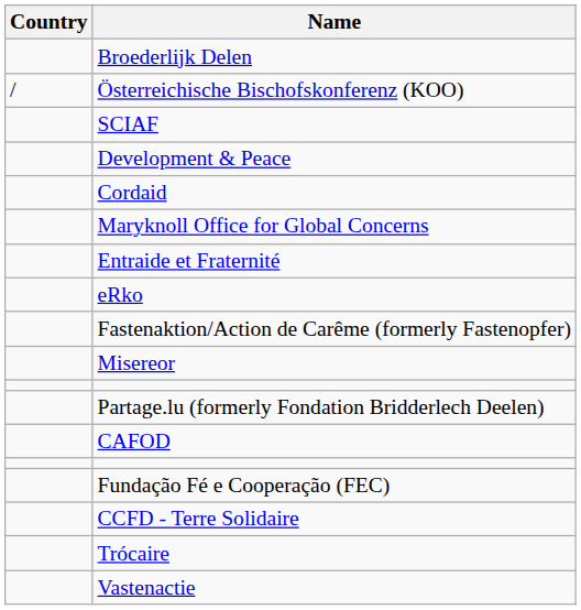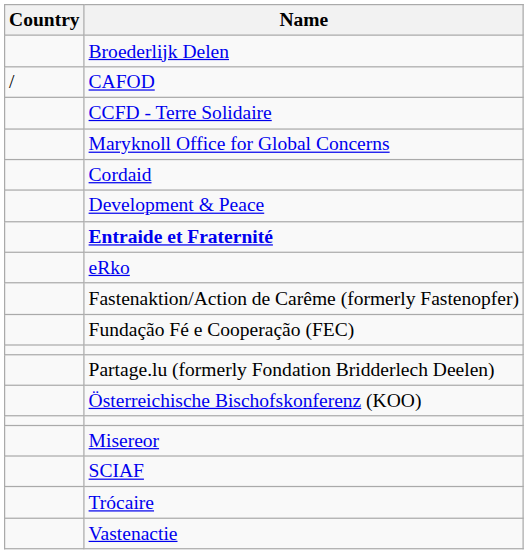 <table class="wikitable sortable">
 <tr>
 <th>Country</th>
 <th>Name</th>
 </tr>
 <tr>
 <td></td>
 <td><a href='#'>Broederlijk Delen</a></td>
 </tr>
 <tr>
 <td> / </td>
-<td><a href='#'>Österreichische Bischofskonferenz</a> (KOO)</td>
+<td><a href='#'>CAFOD</a></td>
 </tr>
 <tr>
 <td></td>
-<td><a href='#'>SCIAF</a></td>
+<td><a href='#'>CCFD - Terre Solidaire</a></td>
+</tr>
+<tr>
+<td></td>
+<td><a href='#'>Maryknoll Office for Global Concerns</a></td>
+</tr>
+<tr>
+<td></td>
+<td><a href='#'>Cordaid</a></td>
 </tr>
 <tr>
 <td></td>
 <td><a href='#'>Development & Peace</a></td>
 </tr>
 <tr>
 <td></td>
-<td><a href='#'>Cordaid</a></td>
-</tr>
-<tr>
-<td></td>
-<td><a href='#'>Maryknoll Office for Global Concerns</a></td>
-</tr>
-<tr>
-<td></td>
-<td><a href='#'>Entraide et Fraternité</a></td>
+<td><strong><a href='#'>Entraide et Fraternité</a></strong></td>
 </tr>
 <tr>
 <td></td>
 <td><a href='#'>eRko</a></td>
 </tr>
 <tr>
 <td></td>
 <td>Fastenaktion/Action de Carême (formerly Fastenopfer)</td>
 </tr>
 <tr>
 <td></td>
-<td><a href='#'>Misereor</a></td>
+<td>Fundação Fé e Cooperação (FEC)</td>
 </tr>
 <tr>
 <td></td>
 <td></td>
 </tr>
 <tr>
 <td></td>
 <td>Partage.lu (formerly Fondation Bridderlech Deelen)</td>
 </tr>
 <tr>
 <td></td>
-<td><a href='#'>CAFOD</a></td>
+<td><a href='#'>Österreichische Bischofskonferenz</a> (KOO)</td>
 </tr>
 <tr>
 <td></td>
 <td></td>
 </tr>
 <tr>
 <td></td>
-<td>Fundação Fé e Cooperação (FEC)</td>
+<td><a href='#'>Misereor</a></td>
 </tr>
 <tr>
 <td></td>
-<td><a href='#'>CCFD - Terre Solidaire</a></td>
+<td><a href='#'>SCIAF</a></td>
 </tr>
 <tr>
 <td></td>
 <td><a href='#'>Trócaire</a></td>
 </tr>
 <tr>
 <td></td>
 <td><a href='#'>Vastenactie</a></td>
 </tr>
 </table>
